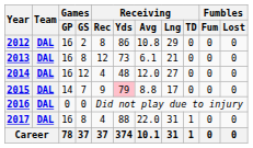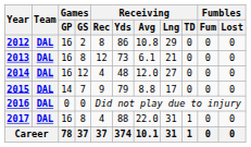 <table class="wikitable" style="text-align:center;">
 <tr>
 <th rowspan="2">Year</th>
 <th rowspan="2">Team</th>
 <th colspan="2">Games</th>
 <th colspan="5">Receiving</th>
 <th colspan="2">Fumbles</th>
 </tr>
 <tr>
 <th>GP</th>
 <th>GS</th>
 <th>Rec</th>
 <th>Yds</th>
 <th>Avg</th>
 <th>Lng</th>
 <th>TD</th>
 <th>Fum</th>
 <th>Lost</th>
 </tr>
 <tr>
 <th><a href='#'>2012</a></th>
 <th><a href='#'>DAL</a></th>
 <td>16</td>
 <td>2</td>
 <td>8</td>
 <td>86</td>
 <td>10.8</td>
 <td>29</td>
 <td>0</td>
 <td>0</td>
 <td>0</td>
 </tr>
 <tr>
 <th><a href='#'>2013</a></th>
 <th><a href='#'>DAL</a></th>
 <td>16</td>
 <td>8</td>
 <td>12</td>
 <td>73</td>
 <td>6.1</td>
 <td>21</td>
 <td>0</td>
 <td>0</td>
 <td>0</td>
 </tr>
 <tr>
 <th><a href='#'>2014</a></th>
 <th><a href='#'>DAL</a></th>
 <td>16</td>
 <td>12</td>
 <td>4</td>
 <td>48</td>
 <td>12.0</td>
 <td>27</td>
 <td>0</td>
 <td>0</td>
 <td>0</td>
 </tr>
 <tr>
 <th><a href='#'>2015</a></th>
 <th><a href='#'>DAL</a></th>
 <td>14</td>
 <td>7</td>
 <td>9</td>
-<td style="background: pink;">79</td>
+<td>79</td>
 <td>8.8</td>
 <td>17</td>
 <td>0</td>
 <td>0</td>
 <td>0</td>
 </tr>
 <tr>
 <th><a href='#'>2016</a></th>
 <th><a href='#'>DAL</a></th>
 <td>0</td>
 <td>0</td>
 <td colspan="7"><em>Did not play due to injury</em></td>
 </tr>
 <tr>
 <th><a href='#'>2017</a></th>
 <th><a href='#'>DAL</a></th>
 <td>16</td>
 <td>8</td>
 <td>4</td>
 <td>88</td>
 <td>22.0</td>
 <td>31</td>
 <td>1</td>
 <td>0</td>
 <td>0</td>
 </tr>
 <tr>
 <th colspan="2">Career</th>
 <th>78</th>
 <th>37</th>
 <th>37</th>
 <th>374</th>
 <th>10.1</th>
 <th>31</th>
 <th>1</th>
 <th>0</th>
 <th>0</th>
 </tr>
 </table>
